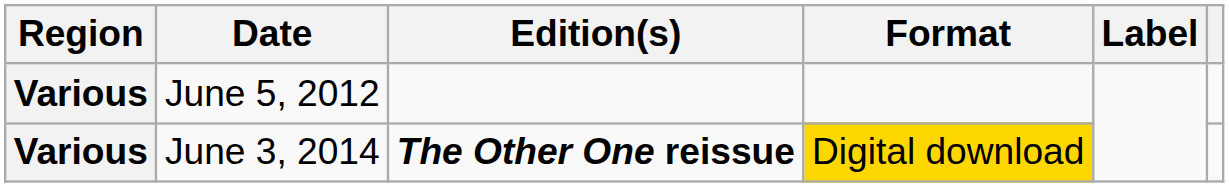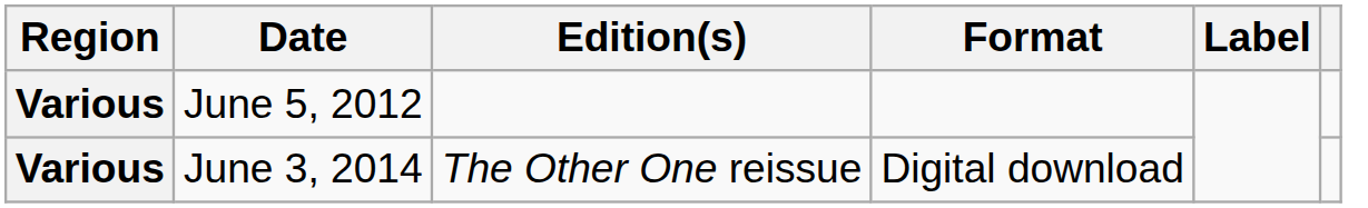 <table class="wikitable plainrowheaders">
 <tr>
 <th scope="col">Region</th>
 <th scope="col">Date</th>
 <th scope="col">Edition(s)</th>
 <th scope="col">Format</th>
 <th scope="col">Label</th>
 <th scope="col"></th>
 </tr>
 <tr>
 <th scope="row">Various</th>
 <td rowspan="1">June 5, 2012</td>
 <td rowspan="1"></td>
 <td rowspan="1"></td>
 <td rowspan="2"></td>
 <td align="center"></td>
 </tr>
 <tr>
 <th scope="row">Various</th>
 <td rowspan="1">June 3, 2014</td>
-<td rowspan="1"><strong><em>The Other One</em> reissue</strong></td>
-<td rowspan="1" style="background: gold;">Digital download</td>
+<td rowspan="1"><em>The Other One</em> reissue</td>
+<td rowspan="1">Digital download</td>
 <td align="center"></td>
 </tr>
 </table>
